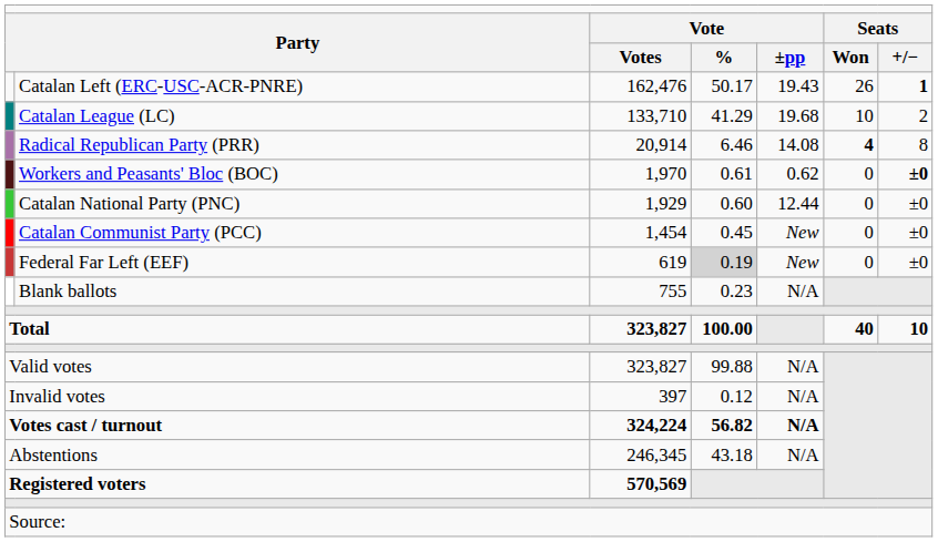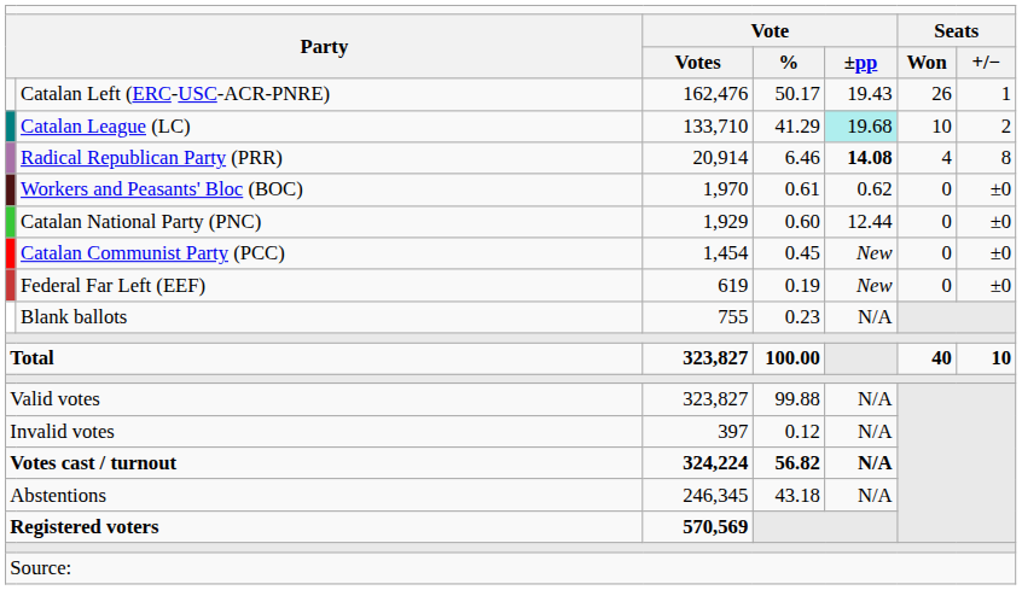 <table class="wikitable" style="text-align:right; font-size:100%;">
 <tr>
 <td colspan="7"></td>
 </tr>
 <tr>
 <th align="left" rowspan="2" colspan="2" width="500">Party</th>
 <th colspan="3">Vote</th>
 <th colspan="2">Seats</th>
 </tr>
 <tr>
 <th width="80">Votes</th>
 <th width="50">%</th>
 <th width="50">±<a href='#'>pp</a></th>
 <th width="40">Won</th>
 <th width="40">+/−</th>
 </tr>
 <tr>
 <td width="1"></td>
 <td align="left">Catalan Left (<a href='#'>ERC</a>-<a href='#'>USC</a>-ACR-PNRE)</td>
 <td>162,476</td>
 <td>50.17</td>
 <td>19.43</td>
 <td>26</td>
-<td><strong>1</strong></td>
+<td>1</td>
 </tr>
 <tr>
 <td width="1" style="color:inherit;background:#008080"></td>
 <td align="left"><a href='#'>Catalan League</a> (LC)</td>
 <td>133,710</td>
 <td>41.29</td>
-<td>19.68</td>
+<td style="background: paleturquoise;">19.68</td>
 <td>10</td>
 <td>2</td>
 </tr>
 <tr>
 <td width="1" style="color:inherit;background:#A871A8"></td>
 <td align="left"><a href='#'>Radical Republican Party</a> (PRR)</td>
 <td>20,914</td>
 <td>6.46</td>
-<td>14.08</td>
-<td><strong>4</strong></td>
+<td><strong>14.08</strong></td>
+<td>4</td>
 <td>8</td>
 </tr>
 <tr>
 <td width="1" style="color:inherit;background:#4D1313"></td>
 <td align="left"><a href='#'>Workers and Peasants' Bloc</a> (BOC)</td>
 <td>1,970</td>
 <td>0.61</td>
 <td>0.62</td>
 <td>0</td>
-<td><strong>±0</strong></td>
+<td>±0</td>
 </tr>
 <tr>
 <td width="1" style="color:inherit;background:#37C837"></td>
 <td align="left">Catalan National Party (PNC)</td>
 <td>1,929</td>
 <td>0.60</td>
 <td>12.44</td>
 <td>0</td>
 <td>±0</td>
 </tr>
 <tr>
 <td width="1" style="color:inherit;background:#FF0000"></td>
 <td align="left"><a href='#'>Catalan Communist Party</a> (PCC)</td>
 <td>1,454</td>
 <td>0.45</td>
 <td><em>New</em></td>
 <td>0</td>
 <td>±0</td>
 </tr>
 <tr>
 <td width="1" style="color:inherit;background:#C83737"></td>
 <td align="left">Federal Far Left (EEF)</td>
 <td>619</td>
-<td style="background: lightgrey;">0.19</td>
+<td>0.19</td>
 <td><em>New</em></td>
 <td>0</td>
 <td>±0</td>
 </tr>
 <tr>
 <td width="1" style="color:inherit;background:#FFFFFF"></td>
 <td align="left">Blank ballots</td>
 <td>755</td>
 <td>0.23</td>
 <td>N/A</td>
 <td bgcolor="#E9E9E9" colspan="2"></td>
 </tr>
 <tr>
 <td colspan="7" bgcolor="#E9E9E9"></td>
 </tr>
 <tr style="font-weight:bold;">
 <td align="left" colspan="2">Total</td>
 <td>323,827</td>
 <td>100.00</td>
 <td style="color:inherit;background:#E9E9E9"></td>
 <td>40</td>
 <td>10</td>
 </tr>
 <tr>
 <td colspan="7" bgcolor="#E9E9E9"></td>
 </tr>
 <tr>
 <td align="left" colspan="2">Valid votes</td>
 <td>323,827</td>
 <td>99.88</td>
 <td>N/A</td>
 <td bgcolor="#E9E9E9" colspan="2" rowspan="5"></td>
 </tr>
 <tr>
 <td align="left" colspan="2">Invalid votes</td>
 <td>397</td>
 <td>0.12</td>
 <td>N/A</td>
 </tr>
 <tr>
 <td align="left" colspan="2"><strong>Votes cast / turnout</strong></td>
 <td><strong>324,224</strong></td>
 <td><strong>56.82</strong></td>
 <td><strong>N/A</strong></td>
 </tr>
 <tr>
 <td align="left" colspan="2">Abstentions</td>
 <td>246,345</td>
 <td>43.18</td>
 <td>N/A</td>
 </tr>
 <tr style="font-weight:bold;">
 <td align="left" colspan="2">Registered voters</td>
 <td>570,569</td>
 <td bgcolor="#E9E9E9" colspan="2"></td>
 </tr>
 <tr>
 <td colspan="7" bgcolor="#E9E9E9"></td>
 </tr>
 <tr>
 <td align="left" colspan="7">Source: </td>
 </tr>
 </table>
